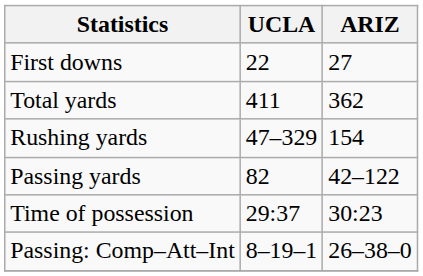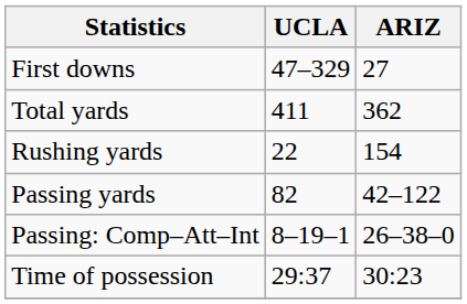 <table class="wikitable" style="float: left;">
 <tr>
 <th>Statistics</th>
 <th>UCLA</th>
 <th>ARIZ</th>
 </tr>
 <tr>
 <td>First downs</td>
-<td>22</td>
+<td>47–329</td>
 <td>27</td>
 </tr>
 <tr>
 <td>Total yards</td>
 <td>411</td>
 <td>362</td>
 </tr>
 <tr>
 <td>Rushing yards</td>
-<td>47–329</td>
+<td>22</td>
 <td>154</td>
 </tr>
 <tr>
 <td>Passing yards</td>
 <td>82</td>
 <td>42–122</td>
 </tr>
 <tr>
+<td>Passing: Comp–Att–Int</td>
+<td>8–19–1</td>
+<td>26–38–0</td>
+</tr>
+<tr>
 <td>Time of possession</td>
 <td>29:37</td>
 <td>30:23</td>
 </tr>
 <tr>
-<td>Passing: Comp–Att–Int</td>
-<td>8–19–1</td>
-<td>26–38–0</td>
-</tr>
-<tr>
 </tr>
 </table>
